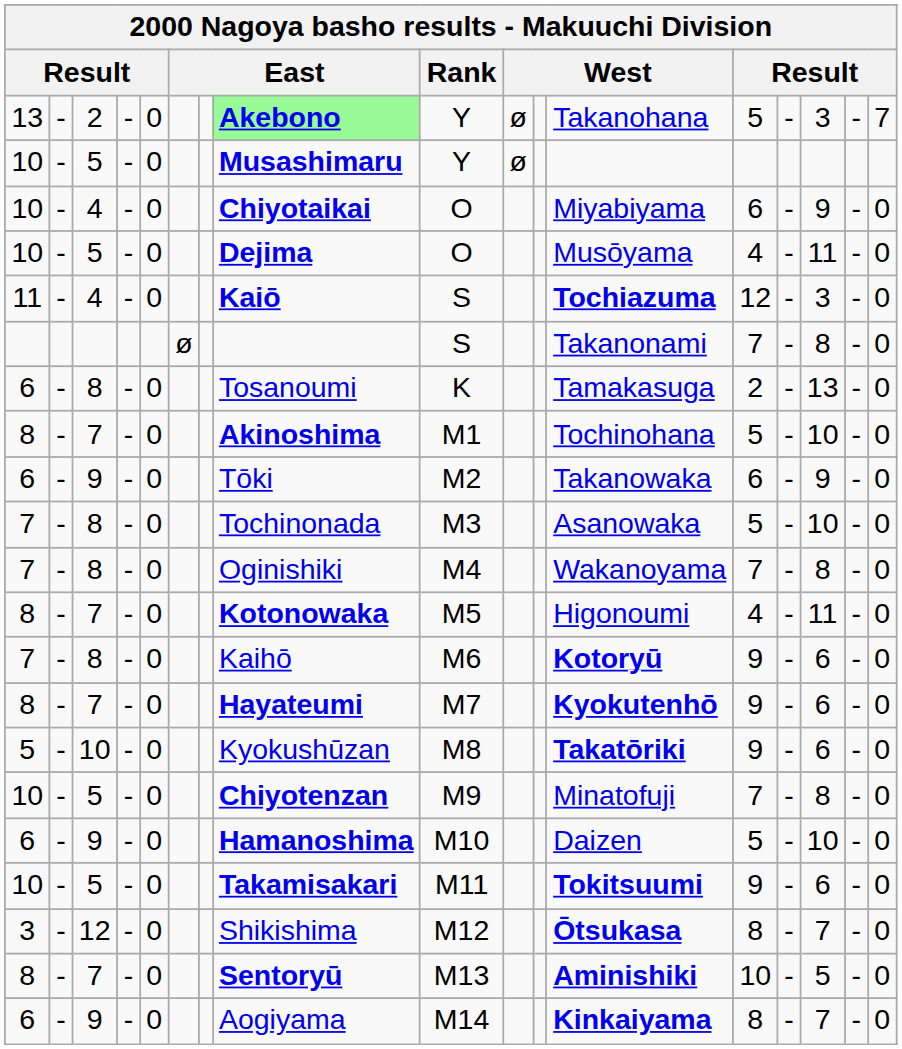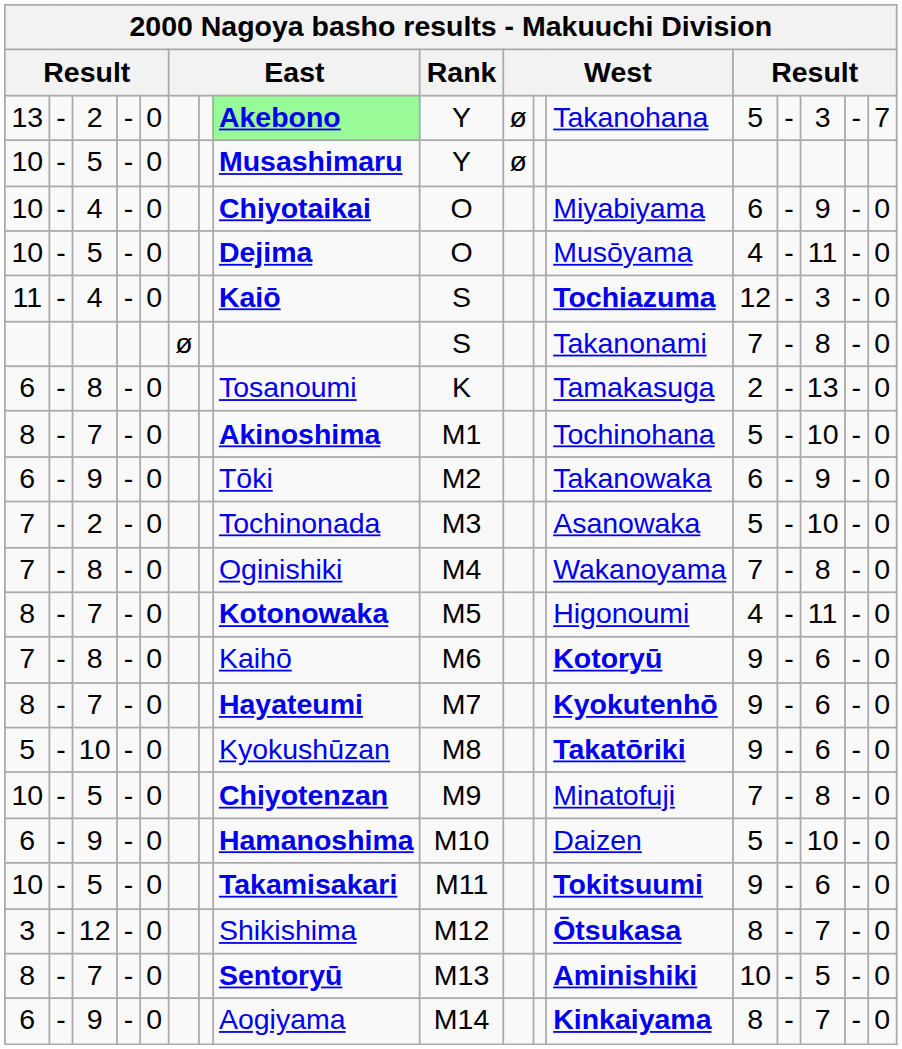 <table class="wikitable">
 <tr>
 <th colspan="17">2000 Nagoya basho results - Makuuchi Division</th>
 </tr>
 <tr>
 <th colspan="5">Result</th>
 <th colspan="3">East</th>
 <th>Rank</th>
 <th colspan="3">West</th>
 <th colspan="5">Result</th>
 </tr>
 <tr>
 <td align=center>13</td>
 <td align=center>-</td>
 <td align=center>2</td>
 <td align=center>-</td>
 <td align=center>0</td>
 <td align=center></td>
 <td align=center></td>
 <td style="background: PaleGreen;"><strong><a href='#'>Akebono</a></strong></td>
 <td align=center>Y</td>
 <td align=center>ø</td>
 <td align=center></td>
 <td><a href='#'>Takanohana</a></td>
 <td align=center>5</td>
 <td align=center>-</td>
 <td align=center>3</td>
 <td align=center>-</td>
 <td align=center>7</td>
 </tr>
 <tr>
 <td align=center>10</td>
 <td align=center>-</td>
 <td align=center>5</td>
 <td align=center>-</td>
 <td align=center>0</td>
 <td align=center></td>
 <td align=center></td>
 <td><strong><a href='#'>Musashimaru</a></strong></td>
 <td align=center>Y</td>
 <td align=center>ø</td>
 <td align=center></td>
 <td></td>
 <td align=center></td>
 <td align=center></td>
 <td align=center></td>
 <td align=center></td>
 <td align=center></td>
 </tr>
 <tr>
 <td align=center>10</td>
 <td align=center>-</td>
 <td align=center>4</td>
 <td align=center>-</td>
 <td align=center>0</td>
 <td align=center></td>
 <td align=center></td>
 <td><strong><a href='#'>Chiyotaikai</a></strong></td>
 <td align=center>O</td>
 <td align=center></td>
 <td align=center></td>
 <td><a href='#'>Miyabiyama</a></td>
 <td align=center>6</td>
 <td align=center>-</td>
 <td align=center>9</td>
 <td align=center>-</td>
 <td align=center>0</td>
 </tr>
 <tr>
 <td align=center>10</td>
 <td align=center>-</td>
 <td align=center>5</td>
 <td align=center>-</td>
 <td align=center>0</td>
 <td align=center></td>
 <td align=center></td>
 <td><strong><a href='#'>Dejima</a></strong></td>
 <td align=center>O</td>
 <td align=center></td>
 <td align=center></td>
 <td><a href='#'>Musōyama</a></td>
 <td align=center>4</td>
 <td align=center>-</td>
 <td align=center>11</td>
 <td align=center>-</td>
 <td align=center>0</td>
 </tr>
 <tr>
 <td align=center>11</td>
 <td align=center>-</td>
 <td align=center>4</td>
 <td align=center>-</td>
 <td align=center>0</td>
 <td align=center></td>
 <td align=center></td>
 <td><strong><a href='#'>Kaiō</a></strong></td>
 <td align=center>S</td>
 <td align=center></td>
 <td align=center></td>
 <td><strong><a href='#'>Tochiazuma</a></strong></td>
 <td align=center>12</td>
 <td align=center>-</td>
 <td align=center>3</td>
 <td align=center>-</td>
 <td align=center>0</td>
 </tr>
 <tr>
 <td align=center></td>
 <td align=center></td>
 <td align=center></td>
 <td align=center></td>
 <td align=center></td>
 <td align=center>ø</td>
 <td align=center></td>
 <td></td>
 <td align=center>S</td>
 <td align=center></td>
 <td align=center></td>
 <td><a href='#'>Takanonami</a></td>
 <td align=center>7</td>
 <td align=center>-</td>
 <td align=center>8</td>
 <td align=center>-</td>
 <td align=center>0</td>
 </tr>
 <tr>
 <td align=center>6</td>
 <td align=center>-</td>
 <td align=center>8</td>
 <td align=center>-</td>
 <td align=center>0</td>
 <td align=center></td>
 <td align=center></td>
 <td><a href='#'>Tosanoumi</a></td>
 <td align=center>K</td>
 <td align=center></td>
 <td align=center></td>
 <td><a href='#'>Tamakasuga</a></td>
 <td align=center>2</td>
 <td align=center>-</td>
 <td align=center>13</td>
 <td align=center>-</td>
 <td align=center>0</td>
 </tr>
 <tr>
 <td align=center>8</td>
 <td align=center>-</td>
 <td align=center>7</td>
 <td align=center>-</td>
 <td align=center>0</td>
 <td align=center></td>
 <td align=center></td>
 <td><strong><a href='#'>Akinoshima</a></strong></td>
 <td align=center>M1</td>
 <td align=center></td>
 <td align=center></td>
 <td><a href='#'>Tochinohana</a></td>
 <td align=center>5</td>
 <td align=center>-</td>
 <td align=center>10</td>
 <td align=center>-</td>
 <td align=center>0</td>
 </tr>
 <tr>
 <td align=center>6</td>
 <td align=center>-</td>
 <td align=center>9</td>
 <td align=center>-</td>
 <td align=center>0</td>
 <td align=center></td>
 <td align=center></td>
 <td><a href='#'>Tōki</a></td>
 <td align=center>M2</td>
 <td align=center></td>
 <td align=center></td>
 <td><a href='#'>Takanowaka</a></td>
 <td align=center>6</td>
 <td align=center>-</td>
 <td align=center>9</td>
 <td align=center>-</td>
 <td align=center>0</td>
 </tr>
 <tr>
 <td align=center>7</td>
 <td align=center>-</td>
-<td align=center>8</td>
+<td align=center>2</td>
 <td align=center>-</td>
 <td align=center>0</td>
 <td align=center></td>
 <td align=center></td>
 <td><a href='#'>Tochinonada</a></td>
 <td align=center>M3</td>
 <td align=center></td>
 <td align=center></td>
 <td><a href='#'>Asanowaka</a></td>
 <td align=center>5</td>
 <td align=center>-</td>
 <td align=center>10</td>
 <td align=center>-</td>
 <td align=center>0</td>
 </tr>
 <tr>
 <td align=center>7</td>
 <td align=center>-</td>
 <td align=center>8</td>
 <td align=center>-</td>
 <td align=center>0</td>
 <td align=center></td>
 <td align=center></td>
 <td><a href='#'>Oginishiki</a></td>
 <td align=center>M4</td>
 <td align=center></td>
 <td align=center></td>
 <td><a href='#'>Wakanoyama</a></td>
 <td align=center>7</td>
 <td align=center>-</td>
 <td align=center>8</td>
 <td align=center>-</td>
 <td align=center>0</td>
 </tr>
 <tr>
 <td align=center>8</td>
 <td align=center>-</td>
 <td align=center>7</td>
 <td align=center>-</td>
 <td align=center>0</td>
 <td align=center></td>
 <td align=center></td>
 <td><strong><a href='#'>Kotonowaka</a></strong></td>
 <td align=center>M5</td>
 <td align=center></td>
 <td align=center></td>
 <td><a href='#'>Higonoumi</a></td>
 <td align=center>4</td>
 <td align=center>-</td>
 <td align=center>11</td>
 <td align=center>-</td>
 <td align=center>0</td>
 </tr>
 <tr>
 <td align=center>7</td>
 <td align=center>-</td>
 <td align=center>8</td>
 <td align=center>-</td>
 <td align=center>0</td>
 <td align=center></td>
 <td align=center></td>
 <td><a href='#'>Kaihō</a></td>
 <td align=center>M6</td>
 <td align=center></td>
 <td align=center></td>
 <td><strong><a href='#'>Kotoryū</a></strong></td>
 <td align=center>9</td>
 <td align=center>-</td>
 <td align=center>6</td>
 <td align=center>-</td>
 <td align=center>0</td>
 </tr>
 <tr>
 <td align=center>8</td>
 <td align=center>-</td>
 <td align=center>7</td>
 <td align=center>-</td>
 <td align=center>0</td>
 <td align=center></td>
 <td align=center></td>
 <td><strong><a href='#'>Hayateumi</a></strong></td>
 <td align=center>M7</td>
 <td align=center></td>
 <td align=center></td>
 <td><strong><a href='#'>Kyokutenhō</a></strong></td>
 <td align=center>9</td>
 <td align=center>-</td>
 <td align=center>6</td>
 <td align=center>-</td>
 <td align=center>0</td>
 </tr>
 <tr>
 <td align=center>5</td>
 <td align=center>-</td>
 <td align=center>10</td>
 <td align=center>-</td>
 <td align=center>0</td>
 <td align=center></td>
 <td align=center></td>
 <td><a href='#'>Kyokushūzan</a></td>
 <td align=center>M8</td>
 <td align=center></td>
 <td align=center></td>
 <td><strong><a href='#'>Takatōriki</a></strong></td>
 <td align=center>9</td>
 <td align=center>-</td>
 <td align=center>6</td>
 <td align=center>-</td>
 <td align=center>0</td>
 </tr>
 <tr>
 <td align=center>10</td>
 <td align=center>-</td>
 <td align=center>5</td>
 <td align=center>-</td>
 <td align=center>0</td>
 <td align=center></td>
 <td align=center></td>
 <td><strong><a href='#'>Chiyotenzan</a></strong></td>
 <td align=center>M9</td>
 <td align=center></td>
 <td align=center></td>
 <td><a href='#'>Minatofuji</a></td>
 <td align=center>7</td>
 <td align=center>-</td>
 <td align=center>8</td>
 <td align=center>-</td>
 <td align=center>0</td>
 </tr>
 <tr>
 <td align=center>6</td>
 <td align=center>-</td>
 <td align=center>9</td>
 <td align=center>-</td>
 <td align=center>0</td>
 <td align=center></td>
 <td align=center></td>
 <td><strong><a href='#'>Hamanoshima</a></strong></td>
 <td align=center>M10</td>
 <td align=center></td>
 <td align=center></td>
 <td><a href='#'>Daizen</a></td>
 <td align=center>5</td>
 <td align=center>-</td>
 <td align=center>10</td>
 <td align=center>-</td>
 <td align=center>0</td>
 </tr>
 <tr>
 <td align=center>10</td>
 <td align=center>-</td>
 <td align=center>5</td>
 <td align=center>-</td>
 <td align=center>0</td>
 <td align=center></td>
 <td align=center></td>
 <td><strong><a href='#'>Takamisakari</a></strong></td>
 <td align=center>M11</td>
 <td align=center></td>
 <td align=center></td>
 <td><strong><a href='#'>Tokitsuumi</a></strong></td>
 <td align=center>9</td>
 <td align=center>-</td>
 <td align=center>6</td>
 <td align=center>-</td>
 <td align=center>0</td>
 </tr>
 <tr>
 <td align=center>3</td>
 <td align=center>-</td>
 <td align=center>12</td>
 <td align=center>-</td>
 <td align=center>0</td>
 <td align=center></td>
 <td align=center></td>
 <td><a href='#'>Shikishima</a></td>
 <td align=center>M12</td>
 <td align=center></td>
 <td align=center></td>
 <td><strong><a href='#'>Ōtsukasa</a></strong></td>
 <td align=center>8</td>
 <td align=center>-</td>
 <td align=center>7</td>
 <td align=center>-</td>
 <td align=center>0</td>
 </tr>
 <tr>
 <td align=center>8</td>
 <td align=center>-</td>
 <td align=center>7</td>
 <td align=center>-</td>
 <td align=center>0</td>
 <td align=center></td>
 <td align=center></td>
 <td><strong><a href='#'>Sentoryū</a></strong></td>
 <td align=center>M13</td>
 <td align=center></td>
 <td align=center></td>
 <td><strong><a href='#'>Aminishiki</a></strong></td>
 <td align=center>10</td>
 <td align=center>-</td>
 <td align=center>5</td>
 <td align=center>-</td>
 <td align=center>0</td>
 </tr>
 <tr>
 <td align=center>6</td>
 <td align=center>-</td>
 <td align=center>9</td>
 <td align=center>-</td>
 <td align=center>0</td>
 <td align=center></td>
 <td align=center></td>
 <td><a href='#'>Aogiyama</a></td>
 <td align=center>M14</td>
 <td align=center></td>
 <td align=center></td>
 <td><strong><a href='#'>Kinkaiyama</a></strong></td>
 <td align=center>8</td>
 <td align=center>-</td>
 <td align=center>7</td>
 <td align=center>-</td>
 <td align=center>0</td>
 </tr>
 </table>
